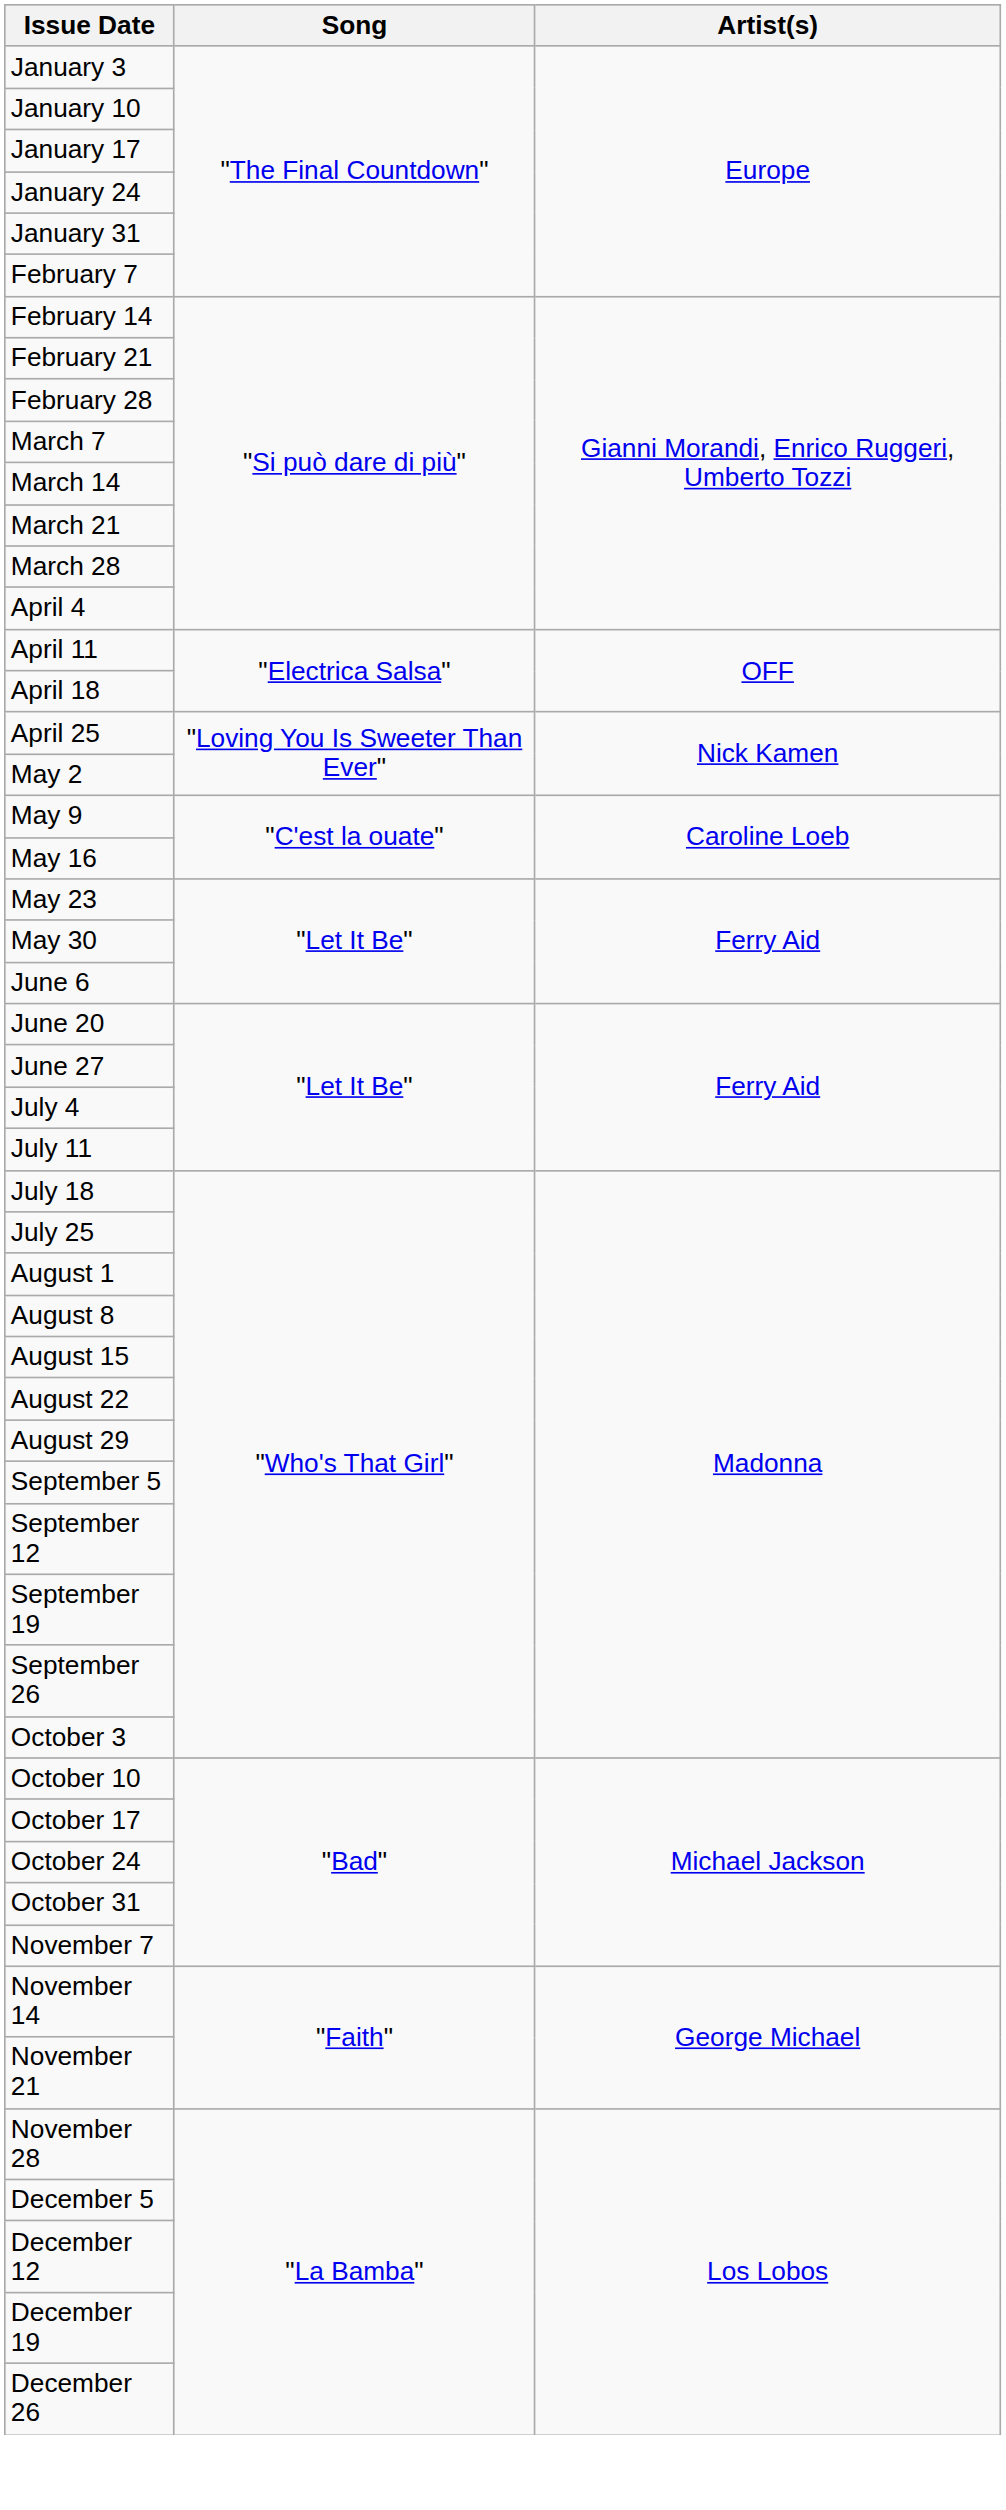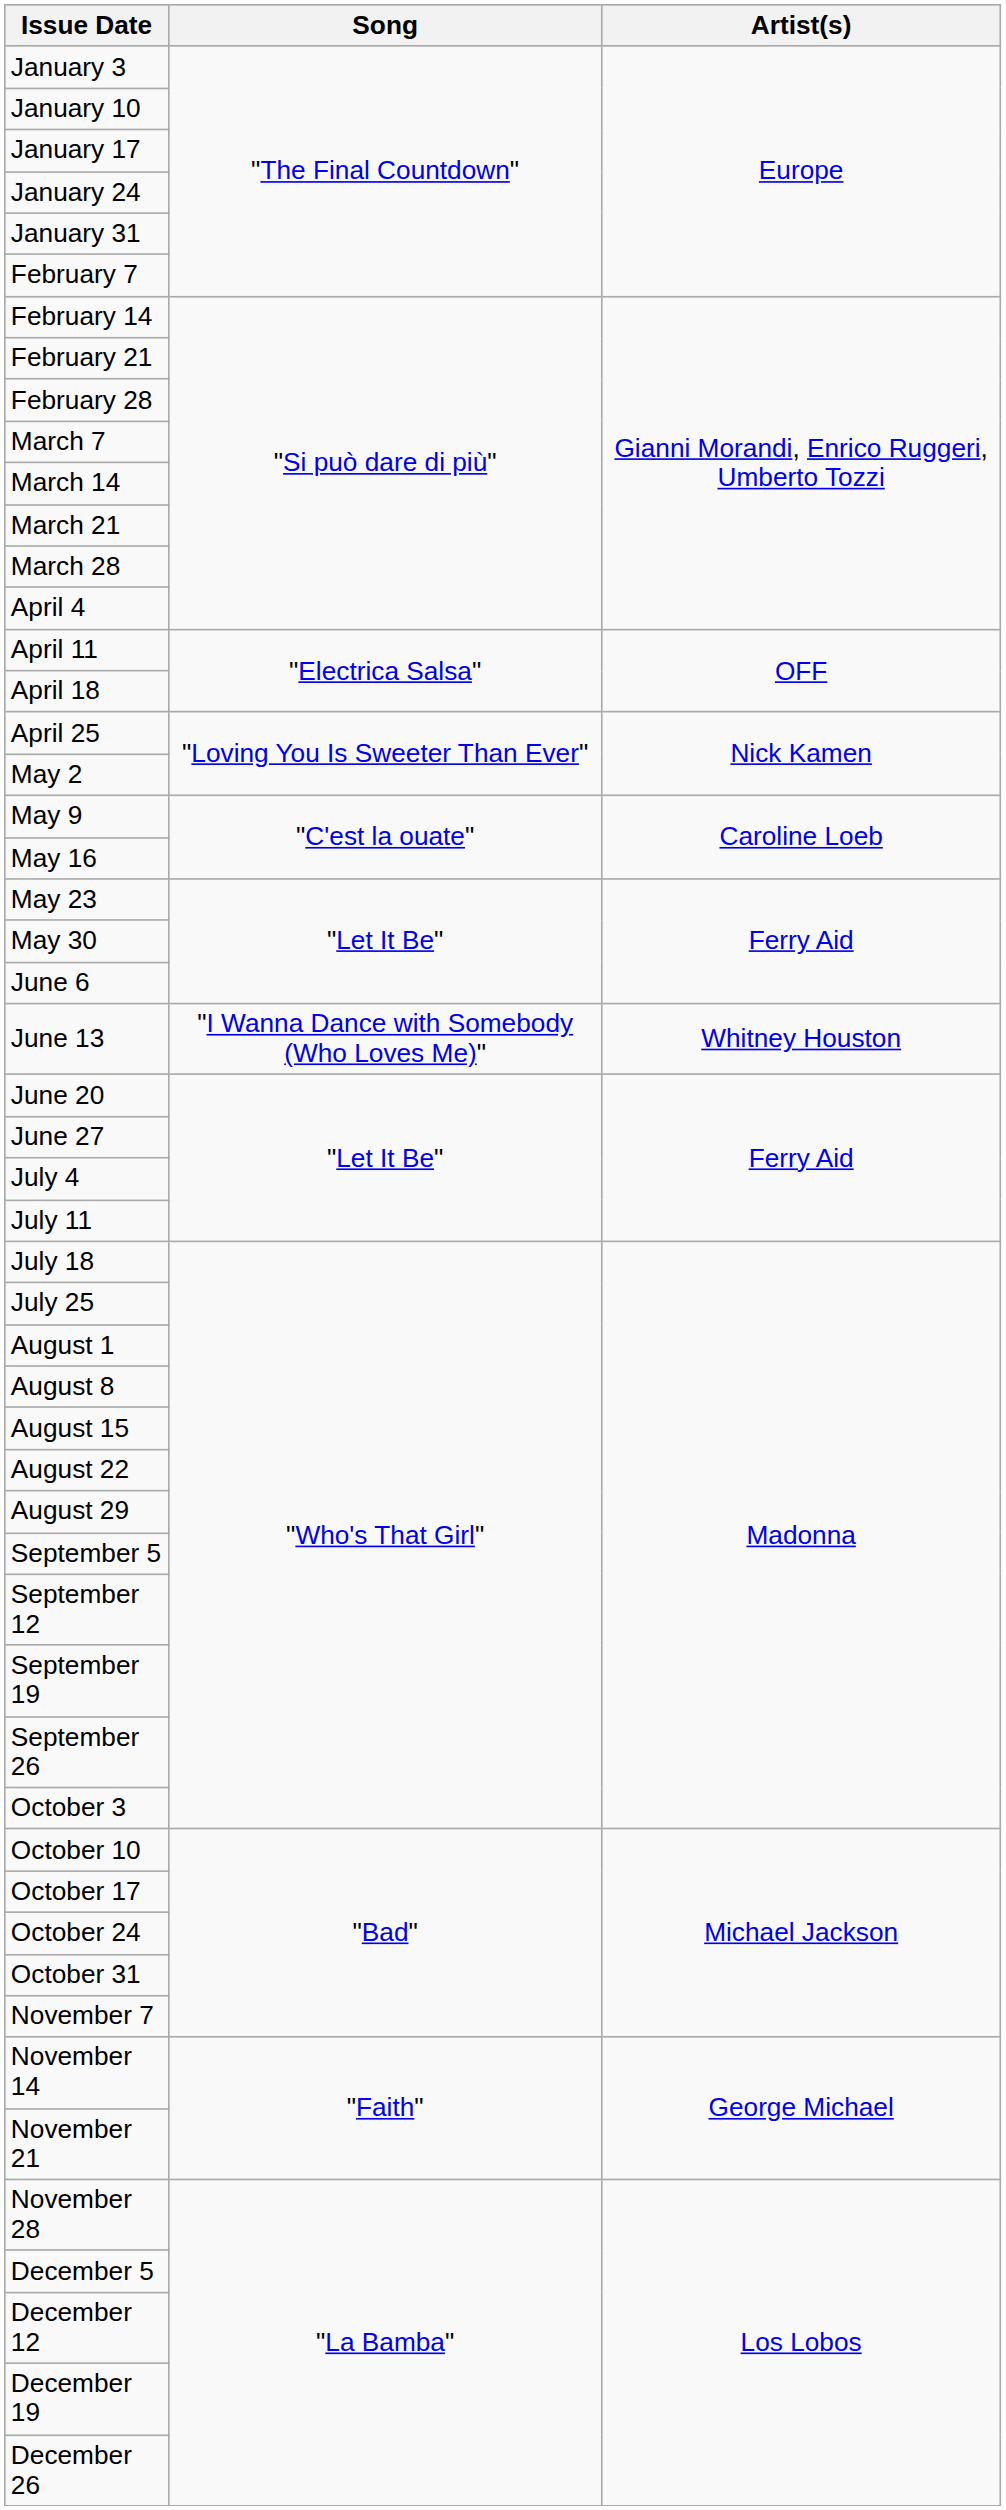 <table class="wikitable">
 <tr>
 <th align="center">Issue Date</th>
 <th align="center">Song</th>
 <th align="center">Artist(s)</th>
 </tr>
 <tr>
 <td align="left">January 3</td>
 <td align="center" rowspan="6">"<a href='#'>The Final Countdown</a>"</td>
 <td align="center" rowspan="6"><a href='#'>Europe</a></td>
 </tr>
 <tr>
 <td>January 10</td>
 </tr>
 <tr>
 <td>January 17</td>
 </tr>
 <tr>
 <td>January 24</td>
 </tr>
 <tr>
 <td>January 31</td>
 </tr>
 <tr>
 <td>February 7</td>
 </tr>
 <tr>
 <td align="left">February 14</td>
 <td align="center" rowspan="8">"<a href='#'>Si può dare di più</a>"</td>
 <td align="center" rowspan="8"><a href='#'>Gianni Morandi</a>, <a href='#'>Enrico Ruggeri</a>, <a href='#'>Umberto Tozzi</a></td>
 </tr>
 <tr>
 <td>February 21</td>
 </tr>
 <tr>
 <td>February 28</td>
 </tr>
 <tr>
 <td>March 7</td>
 </tr>
 <tr>
 <td>March 14</td>
 </tr>
 <tr>
 <td>March 21</td>
 </tr>
 <tr>
 <td>March 28</td>
 </tr>
 <tr>
 <td>April 4</td>
 </tr>
 <tr>
 <td align="left">April 11</td>
 <td align="center" rowspan="2">"<a href='#'>Electrica Salsa</a>"</td>
 <td align="center" rowspan="2"><a href='#'>OFF</a></td>
 </tr>
 <tr>
 <td>April 18</td>
 </tr>
 <tr>
 <td align="left">April 25</td>
 <td align="center" rowspan="2">"<a href='#'>Loving You Is Sweeter Than Ever</a>"</td>
 <td align="center" rowspan="2"><a href='#'>Nick Kamen</a></td>
 </tr>
 <tr>
 <td>May 2</td>
 </tr>
 <tr>
 <td align="left">May 9</td>
 <td align="center" rowspan="2">"<a href='#'>C'est la ouate</a>"</td>
 <td align="center" rowspan="2"><a href='#'>Caroline Loeb</a></td>
 </tr>
 <tr>
 <td>May 16</td>
 </tr>
 <tr>
 <td align="left">May 23</td>
 <td align="center" rowspan="3">"<a href='#'>Let It Be</a>"</td>
 <td align="center" rowspan="3"><a href='#'>Ferry Aid</a></td>
 </tr>
 <tr>
 <td>May 30</td>
 </tr>
 <tr>
 <td>June 6</td>
+</tr>
+<tr>
+<td align="left">June 13</td>
+<td align="center" rowspan="1">"<a href='#'>I Wanna Dance with Somebody (Who Loves Me)</a>"</td>
+<td align="center" rowspan="1"><a href='#'>Whitney Houston</a></td>
 </tr>
 <tr>
 <td align="left">June 20</td>
 <td align="center" rowspan="4">"<a href='#'>Let It Be</a>"</td>
 <td align="center" rowspan="4"><a href='#'>Ferry Aid</a></td>
 </tr>
 <tr>
 <td>June 27</td>
 </tr>
 <tr>
 <td>July 4</td>
 </tr>
 <tr>
 <td>July 11</td>
 </tr>
 <tr>
 <td align="left">July 18</td>
 <td align="center" rowspan="12">"<a href='#'>Who's That Girl</a>"</td>
 <td align="center" rowspan="12"><a href='#'>Madonna</a></td>
 </tr>
 <tr>
 <td>July 25</td>
 </tr>
 <tr>
 <td>August 1</td>
 </tr>
 <tr>
 <td>August 8</td>
 </tr>
 <tr>
 <td>August 15</td>
 </tr>
 <tr>
 <td>August 22</td>
 </tr>
 <tr>
 <td>August 29</td>
 </tr>
 <tr>
 <td>September 5</td>
 </tr>
 <tr>
 <td>September 12</td>
 </tr>
 <tr>
 <td>September 19</td>
 </tr>
 <tr>
 <td>September 26</td>
 </tr>
 <tr>
 <td>October 3</td>
 </tr>
 <tr>
 <td align="left">October 10</td>
 <td align="center" rowspan="5">"<a href='#'>Bad</a>"</td>
 <td align="center" rowspan="5"><a href='#'>Michael Jackson</a></td>
 </tr>
 <tr>
 <td>October 17</td>
 </tr>
 <tr>
 <td>October 24</td>
 </tr>
 <tr>
 <td>October 31</td>
 </tr>
 <tr>
 <td>November 7</td>
 </tr>
 <tr>
 <td align="left">November 14</td>
 <td align="center" rowspan="2">"<a href='#'>Faith</a>"</td>
 <td align="center" rowspan="2"><a href='#'>George Michael</a></td>
 </tr>
 <tr>
 <td>November 21</td>
 </tr>
 <tr>
 <td align="left">November 28</td>
 <td align="center" rowspan="5">"<a href='#'>La Bamba</a>"</td>
 <td align="center" rowspan="5"><a href='#'>Los Lobos</a></td>
 </tr>
 <tr>
 <td>December 5</td>
 </tr>
 <tr>
 <td>December 12</td>
 </tr>
 <tr>
 <td>December 19</td>
 </tr>
 <tr>
 <td>December 26</td>
 </tr>
 </table>
